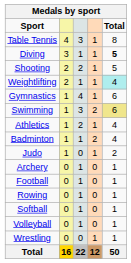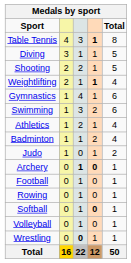 <table class="wikitable" style="font-size:85%; float:right;">
 <tr style="background:#efefef;">
 <th colspan=7>Medals by sport</th>
 </tr>
 <tr align=center>
 <td><strong>Sport</strong></td>
 <td style="background:#f7f6a8;"></td>
 <td style="background:#dce5e5;"></td>
 <td style="background:#ffdab9;"></td>
 <td><strong>Total</strong></td>
 </tr>
 <tr align=center>
 <td><a href='#'>Table Tennis</a></td>
 <td style="background:#f7f6a8;">4</td>
 <td style="background:#dce5e5;">3</td>
-<td style="background:#ffdab9;">1</td>
+<td style="background:#ffdab9;"><strong>1</strong></td>
 <td>8</td>
 </tr>
 <tr align=center>
 <td><a href='#'>Diving</a></td>
 <td style="background:#f7f6a8;">3</td>
 <td style="background:#dce5e5;">1</td>
 <td style="background:#ffdab9;">1</td>
-<td><strong>5</strong></td>
+<td>5</td>
 </tr>
 <tr align=center>
 <td><a href='#'>Shooting</a></td>
 <td style="background:#f7f6a8;">2</td>
 <td style="background:#dce5e5;">2</td>
 <td style="background:#ffdab9;">1</td>
 <td>5</td>
 </tr>
 <tr align=center>
 <td><a href='#'>Weightlifting</a></td>
 <td style="background:#f7f6a8;">2</td>
 <td style="background:#dce5e5;">1</td>
-<td style="background:#ffdab9;">1</td>
-<td style="background: paleturquoise;">4</td>
+<td style="background:#ffdab9;"><strong>1</strong></td>
+<td>4</td>
 </tr>
 <tr align=center>
 <td><a href='#'>Gymnastics</a></td>
 <td style="background:#f7f6a8;">1</td>
 <td style="background:#dce5e5;">4</td>
 <td style="background:#ffdab9;">1</td>
 <td>6</td>
 </tr>
 <tr align=center>
 <td><a href='#'>Swimming</a></td>
 <td style="background:#f7f6a8;">1</td>
 <td style="background:#dce5e5;">3</td>
 <td style="background:#ffdab9;">2</td>
-<td style="background: khaki;">6</td>
+<td>6</td>
 </tr>
 <tr align=center>
 <td><a href='#'>Athletics</a></td>
 <td style="background:#f7f6a8;">1</td>
 <td style="background:#dce5e5;">2</td>
 <td style="background:#ffdab9;">1</td>
 <td>4</td>
 </tr>
 <tr align=center>
 <td><a href='#'>Badminton</a></td>
 <td style="background:#f7f6a8;">1</td>
 <td style="background:#dce5e5;">1</td>
 <td style="background:#ffdab9;">2</td>
 <td>4</td>
 </tr>
 <tr align=center>
 <td><a href='#'>Judo</a></td>
 <td style="background:#f7f6a8;">1</td>
 <td style="background:#dce5e5;">0</td>
 <td style="background:#ffdab9;">1</td>
 <td>2</td>
 </tr>
 <tr align=center>
 <td><a href='#'>Archery</a></td>
 <td style="background:#f7f6a8;">0</td>
-<td style="background:#dce5e5;">1</td>
-<td style="background:#ffdab9;">0</td>
+<td style="background:#dce5e5;"><strong>1</strong></td>
+<td style="background:#ffdab9;"><strong>0</strong></td>
 <td>1</td>
 </tr>
 <tr align=center>
 <td><a href='#'>Football</a></td>
 <td style="background:#f7f6a8;">0</td>
 <td style="background:#dce5e5;">1</td>
 <td style="background:#ffdab9;">0</td>
 <td>1</td>
 </tr>
 <tr align=center>
 <td><a href='#'>Rowing</a></td>
 <td style="background:#f7f6a8;">0</td>
 <td style="background:#dce5e5;">1</td>
 <td style="background:#ffdab9;">0</td>
 <td>1</td>
 </tr>
 <tr align=center>
 <td><a href='#'>Softball</a></td>
 <td style="background:#f7f6a8;">0</td>
 <td style="background:#dce5e5;">1</td>
-<td style="background:#ffdab9;">0</td>
+<td style="background:#ffdab9;"><strong>0</strong></td>
 <td>1</td>
 </tr>
 <tr align=center>
 <td><a href='#'>Volleyball</a></td>
 <td style="background:#f7f6a8;">0</td>
 <td style="background:#dce5e5;">1</td>
 <td style="background:#ffdab9;">0</td>
 <td>1</td>
 </tr>
 <tr align=center>
 <td><a href='#'>Wrestling</a></td>
 <td style="background:#f7f6a8;">0</td>
-<td style="background:#dce5e5;">0</td>
+<td style="background:#dce5e5;"><strong>0</strong></td>
 <td style="background:#ffdab9;">1</td>
 <td>1</td>
 </tr>
 <tr align=center>
 <th>Total</th>
 <th style="background:gold;">16</th>
 <th style="background:silver;">22</th>
 <th style="background:#c96;">12</th>
 <th>50</th>
 </tr>
 </table>
